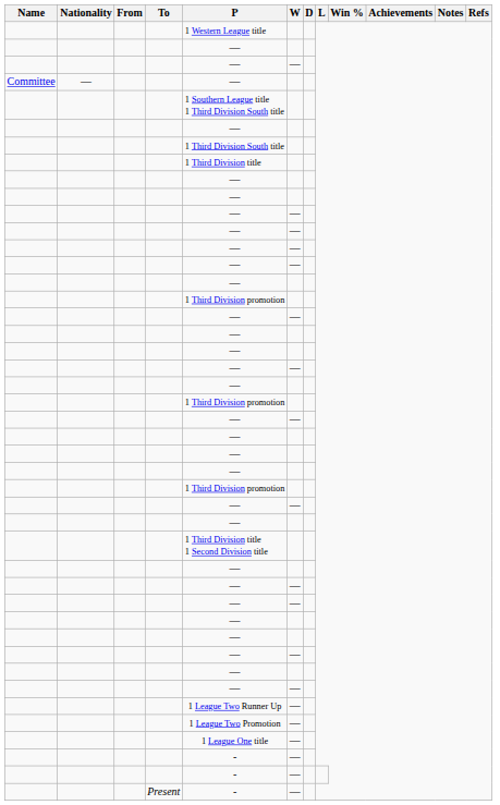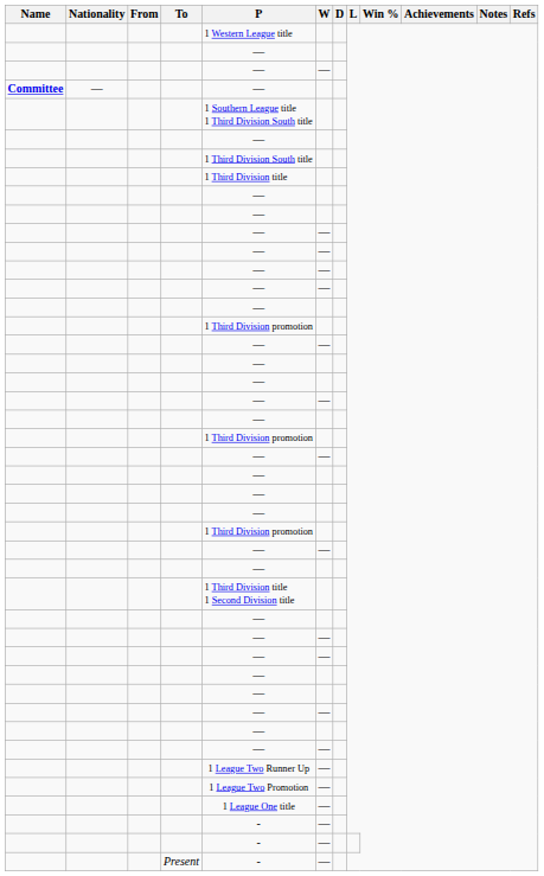 <table class="wikitable sortable">
 <tr>
 <th>Name</th>
 <th>Nationality</th>
 <th>From</th>
 <th class="unsortable">To</th>
 <th>P</th>
 <th>W</th>
 <th>D</th>
 <th>L</th>
 <th>Win %</th>
 <th>Achievements</th>
 <th>Notes</th>
 <th class="unsortable">Refs</th>
 </tr>
 <tr>
 <td></td>
 <td></td>
 <td></td>
 <td><br></td>
 <td><small>1 <a href='#'>Western League</a> title</small></td>
 <td align="center"></td>
 <td align="center"></td>
 </tr>
 <tr>
 <td></td>
 <td></td>
 <td></td>
 <td><br></td>
 <td align="center">—</td>
 <td align="center"></td>
 <td align="center"></td>
 </tr>
 <tr>
 <td></td>
 <td></td>
 <td></td>
 <td><br></td>
 <td align="center">—</td>
 <td align="center">—</td>
 <td align="center"></td>
 </tr>
 <tr>
-<td><a href='#'>Committee</a></td>
+<td><strong><a href='#'>Committee</a></strong></td>
 <td align="center">—</td>
 <td></td>
 <td><br></td>
 <td align="center">—</td>
 <td align="center"></td>
 <td align="center"></td>
 </tr>
 <tr>
 <td></td>
 <td></td>
 <td></td>
 <td><br></td>
 <td><small>1 <a href='#'>Southern League</a> title<br>1 <a href='#'>Third Division South</a> title</small></td>
 <td align="center"></td>
 <td align="center"></td>
 </tr>
 <tr>
 <td></td>
 <td></td>
 <td></td>
 <td><br></td>
 <td align="center">—</td>
 <td align="center"></td>
 <td align="center"></td>
 </tr>
 <tr>
 <td></td>
 <td></td>
 <td></td>
 <td><br></td>
 <td><small>1 <a href='#'>Third Division South</a> title</small></td>
 <td align="center"></td>
 <td align="center"></td>
 </tr>
 <tr>
 <td></td>
 <td></td>
 <td></td>
 <td><br></td>
 <td><small>1 <a href='#'>Third Division</a> title</small></td>
 <td align="center"></td>
 <td align="center"></td>
 </tr>
 <tr>
 <td></td>
 <td></td>
 <td></td>
 <td><br></td>
 <td align="center">—</td>
 <td align="center"></td>
 <td align="center"></td>
 </tr>
 <tr>
 <td></td>
 <td></td>
 <td></td>
 <td><br></td>
 <td align="center">—</td>
 <td align="center"></td>
 <td align="center"></td>
 </tr>
 <tr>
 <td></td>
 <td></td>
 <td></td>
 <td><br></td>
 <td align="center">—</td>
 <td align="center">—</td>
 <td align="center"></td>
 </tr>
 <tr>
 <td></td>
 <td></td>
 <td></td>
 <td><br></td>
 <td align="center">—</td>
 <td align="center">—</td>
 <td align="center"></td>
 </tr>
 <tr>
 <td></td>
 <td></td>
 <td></td>
 <td><br></td>
 <td align="center">—</td>
 <td align="center">—</td>
 <td align="center"></td>
 </tr>
 <tr>
 <td></td>
 <td></td>
 <td></td>
 <td><br></td>
 <td align="center">—</td>
 <td align="center">—</td>
 <td align="center"></td>
 </tr>
 <tr>
 <td></td>
 <td></td>
 <td></td>
 <td><br></td>
 <td align="center">—</td>
 <td align="center"></td>
 <td align="center"></td>
 </tr>
 <tr>
 <td></td>
 <td></td>
 <td></td>
 <td><br></td>
 <td><small>1 <a href='#'>Third Division</a> promotion</small></td>
 <td align="center"></td>
 <td align="center"></td>
 </tr>
 <tr>
 <td></td>
 <td></td>
 <td></td>
 <td><br></td>
 <td align="center">—</td>
 <td align="center">—</td>
 <td align="center"></td>
 </tr>
 <tr>
 <td></td>
 <td></td>
 <td></td>
 <td><br></td>
 <td align="center">—</td>
 <td align="center"></td>
 <td align="center"></td>
 </tr>
 <tr>
 <td></td>
 <td></td>
 <td></td>
 <td><br></td>
 <td align="center">—</td>
 <td align="center"></td>
 <td align="center"></td>
 </tr>
 <tr>
 <td></td>
 <td></td>
 <td></td>
 <td><br></td>
 <td align="center">—</td>
 <td align="center">—</td>
 <td align="center"></td>
 </tr>
 <tr>
 <td></td>
 <td></td>
 <td></td>
 <td><br></td>
 <td align="center">—</td>
 <td align="center"></td>
 <td align="center"></td>
 </tr>
 <tr>
 <td></td>
 <td></td>
 <td></td>
 <td><br></td>
 <td><small>1 <a href='#'>Third Division</a> promotion</small></td>
 <td align="center"></td>
 <td align="center"></td>
 </tr>
 <tr>
 <td></td>
 <td></td>
 <td></td>
 <td><br></td>
 <td align="center">—</td>
 <td align="center">—</td>
 <td align="center"></td>
 </tr>
 <tr>
 <td></td>
 <td></td>
 <td></td>
 <td><br></td>
 <td align="center">—</td>
 <td align="center"></td>
 <td align="center"></td>
 </tr>
 <tr>
 <td></td>
 <td></td>
 <td></td>
 <td><br></td>
 <td align="center">—</td>
 <td align="center"></td>
 <td align="center"></td>
 </tr>
 <tr>
 <td></td>
 <td></td>
 <td></td>
 <td><br></td>
 <td align="center">—</td>
 <td align="center"></td>
 <td align="center"></td>
 </tr>
 <tr>
 <td></td>
 <td></td>
 <td></td>
 <td><br></td>
 <td><small>1 <a href='#'>Third Division</a> promotion</small></td>
 <td align="center"></td>
 <td align="center"></td>
 </tr>
 <tr>
 <td></td>
 <td></td>
 <td></td>
 <td><br></td>
 <td align="center">—</td>
 <td align="center">—</td>
 <td align="center"></td>
 </tr>
 <tr>
 <td></td>
 <td></td>
 <td></td>
 <td><br></td>
 <td align="center">—</td>
 <td align="center"></td>
 <td align="center"></td>
 </tr>
 <tr>
 <td></td>
 <td></td>
 <td></td>
 <td><br></td>
 <td><small>1 <a href='#'>Third Division</a> title<br>1 <a href='#'>Second Division</a> title</small></td>
 <td align="center"></td>
 <td align="center"></td>
 </tr>
 <tr>
 <td></td>
 <td></td>
 <td></td>
 <td><br></td>
 <td align="center">—</td>
 <td align="center"></td>
 <td align="center"></td>
 </tr>
 <tr>
 <td></td>
 <td></td>
 <td></td>
 <td><br></td>
 <td align="center">—</td>
 <td align="center">—</td>
 <td align="center"></td>
 </tr>
 <tr>
 <td></td>
 <td></td>
 <td></td>
 <td><br></td>
 <td align="center">—</td>
 <td align="center">—</td>
 <td align="center"></td>
 </tr>
 <tr>
 <td></td>
 <td></td>
 <td></td>
 <td><br></td>
 <td align="center">—</td>
 <td align="center"></td>
 <td align="center"></td>
 </tr>
 <tr>
 <td></td>
 <td></td>
 <td></td>
 <td><br></td>
 <td align="center">—</td>
 <td align="center"></td>
 <td align="center"></td>
 </tr>
 <tr>
 <td></td>
 <td></td>
 <td></td>
 <td><br></td>
 <td align="center">—</td>
 <td align="center">—</td>
 <td align="center"></td>
 </tr>
 <tr>
 <td></td>
 <td></td>
 <td></td>
 <td><br></td>
 <td align="center">—</td>
 <td align="center"></td>
 <td align="center"></td>
 </tr>
 <tr>
 <td></td>
 <td></td>
 <td></td>
 <td><br></td>
 <td align="center">—</td>
 <td align="center">—</td>
 <td align="center"></td>
 </tr>
 <tr>
 <td></td>
 <td></td>
 <td></td>
 <td><br></td>
 <td align="center"><small>1 <a href='#'>League Two</a> Runner Up</small></td>
 <td align="center">—</td>
 <td align="center"></td>
 </tr>
 <tr>
 <td></td>
 <td></td>
 <td></td>
 <td><br></td>
 <td align="center"><small>1 <a href='#'>League Two</a> Promotion</small></td>
 <td align="center">—</td>
 <td align="center"></td>
 </tr>
 <tr>
 <td></td>
 <td></td>
 <td></td>
 <td><br></td>
 <td align="center"><small>1 <a href='#'>League One</a> title </small></td>
 <td align="center">—</td>
 <td align="center"></td>
 </tr>
 <tr>
 <td></td>
 <td></td>
 <td></td>
 <td><br></td>
 <td align="center">-</td>
 <td align="center">—</td>
 <td align="center"></td>
 </tr>
 <tr>
 <td></td>
 <td></td>
 <td></td>
 <td><br></td>
 <td align="center">-</td>
 <td align="center">—</td>
 <td align="center"></td>
 <td></td>
 </tr>
 <tr>
 <td></td>
 <td></td>
 <td></td>
 <td {{dts><em>Present</em><br></td>
 <td align="center">-</td>
 <td align="center">—</td>
 <td align="center"><br> </td>
 </tr>
 </table>
